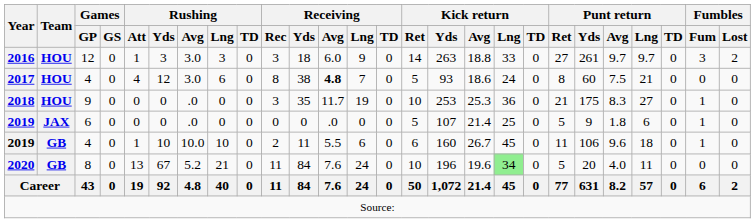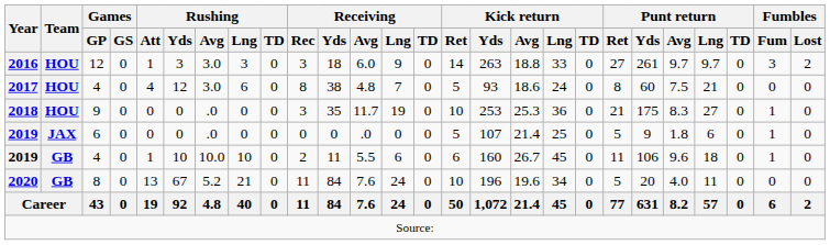 <table class="wikitable" style="text-align: center;">
 <tr>
 <th rowspan="2">Year</th>
 <th rowspan="2">Team</th>
 <th colspan="2">Games</th>
 <th colspan="5">Rushing</th>
 <th colspan="5">Receiving</th>
 <th colspan="5">Kick return</th>
 <th colspan="5">Punt return</th>
 <th colspan="2">Fumbles</th>
 </tr>
 <tr>
 <th>GP</th>
 <th>GS</th>
 <th>Att</th>
 <th>Yds</th>
 <th>Avg</th>
 <th>Lng</th>
 <th>TD</th>
 <th>Rec</th>
 <th>Yds</th>
 <th>Avg</th>
 <th>Lng</th>
 <th>TD</th>
 <th>Ret</th>
 <th>Yds</th>
 <th>Avg</th>
 <th>Lng</th>
 <th>TD</th>
 <th>Ret</th>
 <th>Yds</th>
 <th>Avg</th>
 <th>Lng</th>
 <th>TD</th>
 <th>Fum</th>
 <th>Lost</th>
 </tr>
 <tr>
 <th><a href='#'>2016</a></th>
 <th><a href='#'>HOU</a></th>
 <td>12</td>
 <td>0</td>
 <td>1</td>
 <td>3</td>
 <td>3.0</td>
 <td>3</td>
 <td>0</td>
 <td>3</td>
 <td>18</td>
 <td>6.0</td>
 <td>9</td>
 <td>0</td>
 <td>14</td>
 <td>263</td>
 <td>18.8</td>
 <td>33</td>
 <td>0</td>
 <td>27</td>
 <td>261</td>
 <td>9.7</td>
 <td>9.7</td>
 <td>0</td>
 <td>3</td>
 <td>2</td>
 </tr>
 <tr>
 <th><a href='#'>2017</a></th>
 <th><a href='#'>HOU</a></th>
 <td>4</td>
 <td>0</td>
 <td>4</td>
 <td>12</td>
 <td>3.0</td>
 <td>6</td>
 <td>0</td>
 <td>8</td>
 <td>38</td>
-<td><strong>4.8</strong></td>
+<td>4.8</td>
 <td>7</td>
 <td>0</td>
 <td>5</td>
 <td>93</td>
 <td>18.6</td>
 <td>24</td>
 <td>0</td>
 <td>8</td>
 <td>60</td>
 <td>7.5</td>
 <td>21</td>
 <td>0</td>
 <td>0</td>
 <td>0</td>
 </tr>
 <tr>
 <th><a href='#'>2018</a></th>
 <th><a href='#'>HOU</a></th>
 <td>9</td>
 <td>0</td>
 <td>0</td>
 <td>0</td>
 <td>.0</td>
 <td>0</td>
 <td>0</td>
 <td>3</td>
 <td>35</td>
 <td>11.7</td>
 <td>19</td>
 <td>0</td>
 <td>10</td>
 <td>253</td>
 <td>25.3</td>
 <td>36</td>
 <td>0</td>
 <td>21</td>
 <td>175</td>
 <td>8.3</td>
 <td>27</td>
 <td>0</td>
 <td>1</td>
 <td>0</td>
 </tr>
 <tr>
 <th><a href='#'>2019</a></th>
 <th><a href='#'>JAX</a></th>
 <td>6</td>
 <td>0</td>
 <td>0</td>
 <td>0</td>
 <td>.0</td>
 <td>0</td>
 <td>0</td>
 <td>0</td>
 <td>0</td>
 <td>.0</td>
 <td>0</td>
 <td>0</td>
 <td>5</td>
 <td>107</td>
 <td>21.4</td>
 <td>25</td>
 <td>0</td>
 <td>5</td>
 <td>9</td>
 <td>1.8</td>
 <td>6</td>
 <td>0</td>
 <td>1</td>
 <td>0</td>
 </tr>
 <tr>
 <th>2019</th>
 <th><a href='#'>GB</a></th>
 <td>4</td>
 <td>0</td>
 <td>1</td>
 <td>10</td>
 <td>10.0</td>
 <td>10</td>
 <td>0</td>
 <td>2</td>
 <td>11</td>
 <td>5.5</td>
 <td>6</td>
 <td>0</td>
 <td>6</td>
 <td>160</td>
 <td>26.7</td>
 <td>45</td>
 <td>0</td>
 <td>11</td>
 <td>106</td>
 <td>9.6</td>
 <td>18</td>
 <td>0</td>
 <td>1</td>
 <td>0</td>
 </tr>
 <tr>
 <th><a href='#'>2020</a></th>
 <th><a href='#'>GB</a></th>
 <td>8</td>
 <td>0</td>
 <td>13</td>
 <td>67</td>
 <td>5.2</td>
 <td>21</td>
 <td>0</td>
 <td>11</td>
 <td>84</td>
 <td>7.6</td>
 <td>24</td>
 <td>0</td>
 <td>10</td>
 <td>196</td>
 <td>19.6</td>
-<td style="background: lightgreen;">34</td>
+<td>34</td>
 <td>0</td>
 <td>5</td>
 <td>20</td>
 <td>4.0</td>
 <td>11</td>
 <td>0</td>
 <td>0</td>
 <td>0</td>
 </tr>
 <tr>
 <th colspan="2">Career</th>
 <th>43</th>
 <th>0</th>
 <th>19</th>
 <th>92</th>
 <th>4.8</th>
 <th>40</th>
 <th>0</th>
 <th>11</th>
 <th>84</th>
 <th>7.6</th>
 <th>24</th>
 <th>0</th>
 <th>50</th>
 <th>1,072</th>
 <th>21.4</th>
 <th>45</th>
 <th>0</th>
 <th>77</th>
 <th>631</th>
 <th>8.2</th>
 <th>57</th>
 <th>0</th>
 <th>6</th>
 <th>2</th>
 </tr>
 <tr>
 <td colspan="28"><small>Source: </small></td>
 </tr>
 </table>
